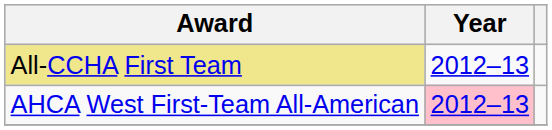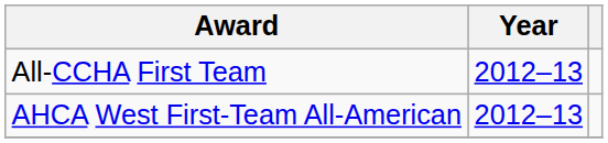 <table class="wikitable">
 <tr>
 <th>Award</th>
 <th>Year</th>
 <th></th>
 </tr>
 <tr>
-<td style="background: khaki;">All-<a href='#'>CCHA</a> <a href='#'>First Team</a></td>
+<td>All-<a href='#'>CCHA</a> <a href='#'>First Team</a></td>
 <td><a href='#'>2012–13</a></td>
 <td></td>
 </tr>
 <tr>
 <td><a href='#'>AHCA</a> <a href='#'>West First-Team All-American</a></td>
-<td style="background: pink;"><a href='#'>2012–13</a></td>
+<td><a href='#'>2012–13</a></td>
 <td></td>
 </tr>
 <tr>
 </tr>
 </table>
